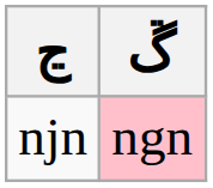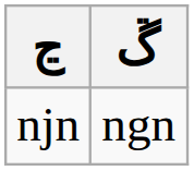 <table class="wikitable" style="font-size:120%;">
 <tr>
 <th>ڃ</th>
 <th>ڱ</th>
 </tr>
 <tr>
 <td>njn</td>
-<td style="background: pink;">ngn</td>
+<td>ngn</td>
 </tr>
 </table>
